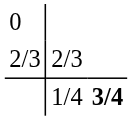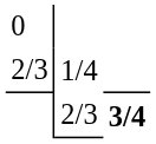 <table cellpadding=3px cellspacing=0px>
 <tr>
 <td width="20px"></td>
 <td style="border-right:1px solid;">0</td>
 </tr>
 <tr>
 <td></td>
 <td style="border-right:1px solid; border-bottom:1px solid;">2/3</td>
-<td style="border-bottom:1px solid;">2/3</td>
+<td>1/4</td>
 <td style="border-bottom:1px solid;"></td>
 </tr>
 <tr>
 <td></td>
 <td style="border-right:1px solid;"></td>
-<td>1/4</td>
+<td style="border-bottom:1px solid;">2/3</td>
 <td><strong>3/4</strong></td>
 </tr>
 </table>
